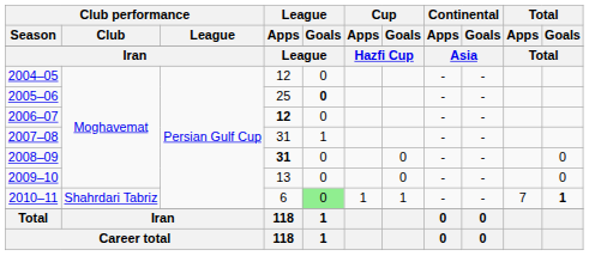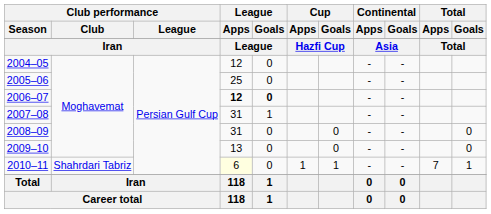 <table class="wikitable" style="text-align:center">
 <tr>
 <th colspan=3>Club performance</th>
 <th colspan=2>League</th>
 <th colspan=2>Cup</th>
 <th colspan=2>Continental</th>
 <th colspan=2>Total</th>
 </tr>
 <tr>
 <th>Season</th>
 <th>Club</th>
 <th>League</th>
 <th>Apps</th>
 <th>Goals</th>
 <th>Apps</th>
 <th>Goals</th>
 <th>Apps</th>
 <th>Goals</th>
 <th>Apps</th>
 <th>Goals</th>
 </tr>
 <tr>
 </tr>
 <tr>
 <th colspan=3>Iran</th>
 <th colspan=2>League</th>
 <th colspan=2><a href='#'>Hazfi Cup</a></th>
 <th colspan=2><a href='#'>Asia</a></th>
 <th colspan=2>Total</th>
 </tr>
 <tr>
 <td><a href='#'>2004–05</a></td>
 <td rowspan="6"><a href='#'>Moghavemat</a></td>
 <td rowspan="7"><a href='#'>Persian Gulf Cup</a></td>
 <td>12</td>
 <td>0</td>
 <td></td>
 <td></td>
 <td>-</td>
 <td>-</td>
 <td></td>
 <td></td>
 </tr>
 <tr>
 <td><a href='#'>2005–06</a></td>
 <td>25</td>
-<td><strong>0</strong></td>
+<td>0</td>
 <td></td>
 <td></td>
 <td>-</td>
 <td>-</td>
 <td></td>
 <td></td>
 </tr>
 <tr>
 <td><a href='#'>2006–07</a></td>
 <td><strong>12</strong></td>
-<td>0</td>
+<td><strong>0</strong></td>
 <td></td>
 <td></td>
 <td>-</td>
 <td>-</td>
 <td></td>
 <td></td>
 </tr>
 <tr>
 <td><a href='#'>2007–08</a></td>
 <td>31</td>
 <td>1</td>
 <td></td>
 <td></td>
 <td>-</td>
 <td>-</td>
 <td></td>
 <td></td>
 </tr>
 <tr>
 <td><a href='#'>2008–09</a></td>
-<td><strong>31</strong></td>
+<td>31</td>
 <td>0</td>
 <td></td>
 <td>0</td>
 <td>-</td>
 <td>-</td>
 <td></td>
 <td>0</td>
 </tr>
 <tr>
 <td><a href='#'>2009–10</a></td>
 <td>13</td>
 <td>0</td>
 <td></td>
 <td>0</td>
 <td>-</td>
 <td>-</td>
 <td></td>
 <td>0</td>
 </tr>
 <tr>
 <td><a href='#'>2010–11</a></td>
 <td rowspan="1"><a href='#'>Shahrdari Tabriz</a></td>
-<td>6</td>
-<td style="background: lightgreen;">0</td>
+<td style="background: lightyellow;">6</td>
+<td>0</td>
 <td>1</td>
 <td>1</td>
 <td>-</td>
 <td>-</td>
 <td>7</td>
-<td><strong>1</strong></td>
+<td>1</td>
 </tr>
 <tr>
 </tr>
 <tr>
 <th rowspan=1>Total</th>
 <th colspan=2>Iran</th>
 <th>118</th>
 <th>1</th>
 <th></th>
 <th></th>
 <th>0</th>
 <th>0</th>
 <th></th>
 <th></th>
 </tr>
 <tr>
 <th colspan=3>Career total</th>
 <th>118</th>
 <th>1</th>
 <th></th>
 <th></th>
 <th>0</th>
 <th>0</th>
 <th></th>
 <th></th>
 </tr>
 </table>
